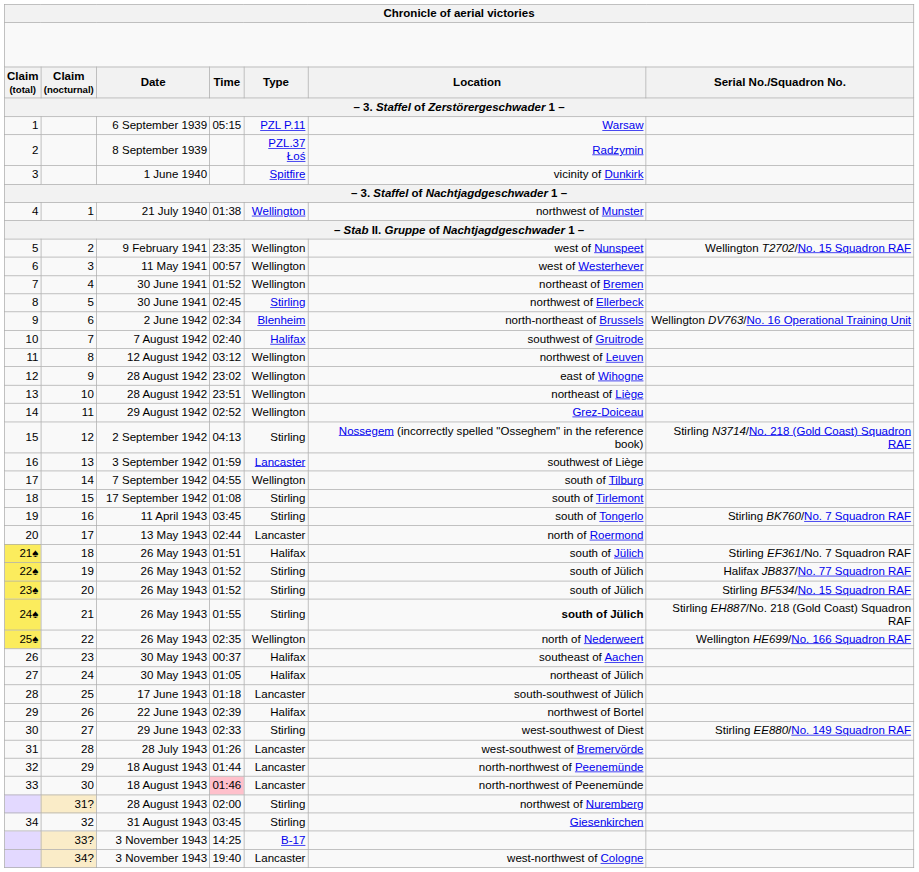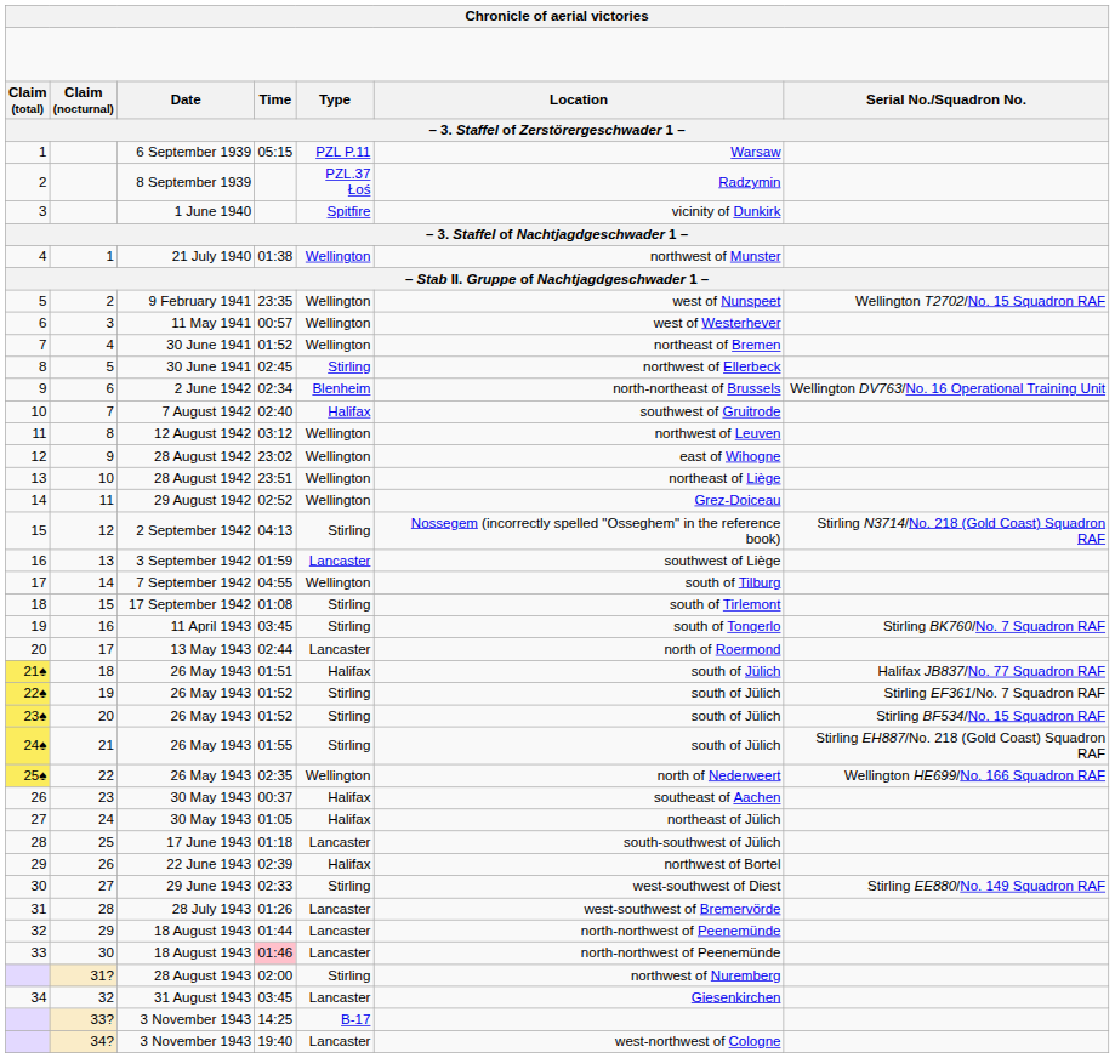 <table class="wikitable plainrowheaders collapsible" style="margin-left: auto; margin-right: auto; border: none; text-align:right; width: 100%;">
 <tr>
 <th colspan="7">Chronicle of aerial victories</th>
 </tr>
 <tr>
 <td colspan="7" style="text-align: left;"><br><br> <br> </td>
 </tr>
 <tr>
 <th scope="col">Claim<br><small>(total)</small></th>
 <th scope="col">Claim<br><small>(nocturnal)</small></th>
 <th scope="col" style="width:150px">Date</th>
 <th scope="col">Time</th>
 <th scope="col">Type</th>
 <th scope="col">Location</th>
 <th scope="col">Serial No./Squadron No.</th>
 </tr>
 <tr>
 <th colspan="7">– 3. <em>Staffel</em> of <em>Zerstörergeschwader</em> 1 –</th>
 </tr>
 <tr>
 <td>1</td>
 <td></td>
 <td>6 September 1939</td>
 <td>05:15</td>
 <td><a href='#'>PZL P.11</a></td>
 <td><a href='#'>Warsaw</a></td>
 <td></td>
 </tr>
 <tr>
 <td>2</td>
 <td></td>
 <td>8 September 1939</td>
 <td></td>
 <td><a href='#'>PZL.37 Łoś</a></td>
 <td><a href='#'>Radzymin</a></td>
 <td></td>
 </tr>
 <tr>
 <td>3</td>
 <td></td>
 <td>1 June 1940</td>
 <td></td>
 <td><a href='#'>Spitfire</a></td>
 <td>vicinity of <a href='#'>Dunkirk</a></td>
 <td></td>
 </tr>
 <tr>
 <th colspan="7">– 3. <em>Staffel</em> of <em>Nachtjagdgeschwader</em> 1 –</th>
 </tr>
 <tr>
 <td>4</td>
 <td>1</td>
 <td>21 July 1940</td>
 <td>01:38</td>
 <td><a href='#'>Wellington</a></td>
 <td> northwest of <a href='#'>Munster</a></td>
 <td></td>
 </tr>
 <tr>
 <th colspan="7">– <em>Stab</em> II. <em>Gruppe</em> of <em>Nachtjagdgeschwader</em> 1 –</th>
 </tr>
 <tr>
 <td>5</td>
 <td>2</td>
 <td>9 February 1941</td>
 <td>23:35</td>
 <td>Wellington</td>
 <td> west of <a href='#'>Nunspeet</a></td>
 <td>Wellington <em>T2702</em>/<a href='#'>No. 15 Squadron RAF</a></td>
 </tr>
 <tr>
 <td>6</td>
 <td>3</td>
 <td>11 May 1941</td>
 <td>00:57</td>
 <td>Wellington</td>
 <td> west of <a href='#'>Westerhever</a></td>
 <td></td>
 </tr>
 <tr>
 <td>7</td>
 <td>4</td>
 <td>30 June 1941</td>
 <td>01:52</td>
 <td>Wellington</td>
 <td> northeast of <a href='#'>Bremen</a></td>
 <td></td>
 </tr>
 <tr>
 <td>8</td>
 <td>5</td>
 <td>30 June 1941</td>
 <td>02:45</td>
 <td><a href='#'>Stirling</a></td>
 <td> northwest of <a href='#'>Ellerbeck</a></td>
 <td></td>
 </tr>
 <tr>
 <td>9</td>
 <td>6</td>
 <td>2 June 1942</td>
 <td>02:34</td>
 <td><a href='#'>Blenheim</a></td>
 <td>north-northeast of <a href='#'>Brussels</a></td>
 <td>Wellington <em>DV763</em>/<a href='#'>No. 16 Operational Training Unit</a></td>
 </tr>
 <tr>
 <td>10</td>
 <td>7</td>
 <td>7 August 1942</td>
 <td>02:40</td>
 <td><a href='#'>Halifax</a></td>
 <td> southwest of <a href='#'>Gruitrode</a></td>
 <td></td>
 </tr>
 <tr>
 <td>11</td>
 <td>8</td>
 <td>12 August 1942</td>
 <td>03:12</td>
 <td>Wellington</td>
 <td>northwest of <a href='#'>Leuven</a></td>
 <td></td>
 </tr>
 <tr>
 <td>12</td>
 <td>9</td>
 <td>28 August 1942</td>
 <td>23:02</td>
 <td>Wellington</td>
 <td>east of <a href='#'>Wihogne</a></td>
 <td></td>
 </tr>
 <tr>
 <td>13</td>
 <td>10</td>
 <td>28 August 1942</td>
 <td>23:51</td>
 <td>Wellington</td>
 <td>northeast of <a href='#'>Liège</a></td>
 <td></td>
 </tr>
 <tr>
 <td>14</td>
 <td>11</td>
 <td>29 August 1942</td>
 <td>02:52</td>
 <td>Wellington</td>
 <td><a href='#'>Grez-Doiceau</a></td>
 <td></td>
 </tr>
 <tr>
 <td>15</td>
 <td>12</td>
 <td>2 September 1942</td>
 <td>04:13</td>
 <td>Stirling</td>
 <td><a href='#'>Nossegem</a> (incorrectly spelled "Osseghem" in the reference book)</td>
 <td>Stirling <em>N3714</em>/<a href='#'>No. 218 (Gold Coast) Squadron RAF</a></td>
 </tr>
 <tr>
 <td>16</td>
 <td>13</td>
 <td>3 September 1942</td>
 <td>01:59</td>
 <td><a href='#'>Lancaster</a></td>
 <td> southwest of Liège</td>
 <td></td>
 </tr>
 <tr>
 <td>17</td>
 <td>14</td>
 <td>7 September 1942</td>
 <td>04:55</td>
 <td>Wellington</td>
 <td> south of <a href='#'>Tilburg</a></td>
 <td></td>
 </tr>
 <tr>
 <td>18</td>
 <td>15</td>
 <td>17 September 1942</td>
 <td>01:08</td>
 <td>Stirling</td>
 <td>south of <a href='#'>Tirlemont</a></td>
 <td></td>
 </tr>
 <tr>
 <td>19</td>
 <td>16</td>
 <td>11 April 1943</td>
 <td>03:45</td>
 <td>Stirling</td>
 <td> south of <a href='#'>Tongerlo</a></td>
 <td>Stirling <em>BK760</em>/<a href='#'>No. 7 Squadron RAF</a></td>
 </tr>
 <tr>
 <td>20</td>
 <td>17</td>
 <td>13 May 1943</td>
 <td>02:44</td>
 <td>Lancaster</td>
 <td> north of <a href='#'>Roermond</a></td>
 <td></td>
 </tr>
 <tr>
 <td style="background:#fbec5d;">21♠</td>
 <td>18</td>
 <td>26 May 1943</td>
 <td>01:51</td>
 <td>Halifax</td>
 <td> south of <a href='#'>Jülich</a></td>
-<td>Stirling <em>EF361</em>/No. 7 Squadron RAF</td>
+<td>Halifax <em>JB837</em>/<a href='#'>No. 77 Squadron RAF</a></td>
 </tr>
 <tr>
 <td style="background:#fbec5d;">22♠</td>
 <td>19</td>
 <td>26 May 1943</td>
 <td>01:52</td>
 <td>Stirling</td>
 <td> south of Jülich</td>
-<td>Halifax <em>JB837</em>/<a href='#'>No. 77 Squadron RAF</a></td>
+<td>Stirling <em>EF361</em>/No. 7 Squadron RAF</td>
 </tr>
 <tr>
 <td style="background:#fbec5d;">23♠</td>
 <td>20</td>
 <td>26 May 1943</td>
 <td>01:52</td>
 <td>Stirling</td>
 <td> south of Jülich</td>
 <td>Stirling <em>BF534</em>/<a href='#'>No. 15 Squadron RAF</a></td>
 </tr>
 <tr>
 <td style="background:#fbec5d;">24♠</td>
 <td>21</td>
 <td>26 May 1943</td>
 <td>01:55</td>
 <td>Stirling</td>
-<td><strong> south of Jülich</strong></td>
+<td> south of Jülich</td>
 <td>Stirling <em>EH887</em>/No. 218 (Gold Coast) Squadron RAF</td>
 </tr>
 <tr>
 <td style="background:#fbec5d;">25♠</td>
 <td>22</td>
 <td>26 May 1943</td>
 <td>02:35</td>
 <td>Wellington</td>
 <td> north of <a href='#'>Nederweert</a></td>
 <td>Wellington <em>HE699</em>/<a href='#'>No. 166 Squadron RAF</a></td>
 </tr>
 <tr>
 <td>26</td>
 <td>23</td>
 <td>30 May 1943</td>
 <td>00:37</td>
 <td>Halifax</td>
 <td> southeast of <a href='#'>Aachen</a></td>
 <td></td>
 </tr>
 <tr>
 <td>27</td>
 <td>24</td>
 <td>30 May 1943</td>
 <td>01:05</td>
 <td>Halifax</td>
 <td> northeast of Jülich</td>
 <td></td>
 </tr>
 <tr>
 <td>28</td>
 <td>25</td>
 <td>17 June 1943</td>
 <td>01:18</td>
 <td>Lancaster</td>
 <td>south-southwest of Jülich</td>
 <td></td>
 </tr>
 <tr>
 <td>29</td>
 <td>26</td>
 <td>22 June 1943</td>
 <td>02:39</td>
 <td>Halifax</td>
 <td> northwest of Bortel</td>
 <td></td>
 </tr>
 <tr>
 <td>30</td>
 <td>27</td>
 <td>29 June 1943</td>
 <td>02:33</td>
 <td>Stirling</td>
 <td> west-southwest of Diest</td>
 <td>Stirling <em>EE880</em>/<a href='#'>No. 149 Squadron RAF</a></td>
 </tr>
 <tr>
 <td>31</td>
 <td>28</td>
 <td>28 July 1943</td>
 <td>01:26</td>
 <td>Lancaster</td>
 <td>west-southwest of <a href='#'>Bremervörde</a></td>
 <td></td>
 </tr>
 <tr>
 <td>32</td>
 <td>29</td>
 <td>18 August 1943</td>
 <td>01:44</td>
 <td>Lancaster</td>
 <td>north-northwest of <a href='#'>Peenemünde</a></td>
 <td></td>
 </tr>
 <tr>
 <td>33</td>
 <td>30</td>
 <td>18 August 1943</td>
 <td style="background: pink;">01:46</td>
 <td>Lancaster</td>
 <td>north-northwest of Peenemünde</td>
 <td></td>
 </tr>
 <tr>
 <td style="background:#e3d9ff;"></td>
 <td style="background:#faecc8">31?</td>
 <td>28 August 1943</td>
 <td>02:00</td>
 <td>Stirling</td>
 <td>northwest of <a href='#'>Nuremberg</a></td>
 <td></td>
 </tr>
 <tr>
 <td>34</td>
 <td>32</td>
 <td>31 August 1943</td>
 <td>03:45</td>
-<td>Stirling</td>
+<td>Lancaster</td>
 <td><a href='#'>Giesenkirchen</a></td>
 <td></td>
 </tr>
 <tr>
 <td style="background:#e3d9ff;"></td>
 <td style="background:#faecc8">33?</td>
 <td>3 November 1943</td>
 <td>14:25</td>
 <td><a href='#'>B-17</a></td>
 <td></td>
 <td></td>
 </tr>
 <tr>
 <td style="background:#e3d9ff;"></td>
 <td style="background:#faecc8">34?</td>
 <td>3 November 1943</td>
 <td>19:40</td>
 <td>Lancaster</td>
 <td> west-northwest of <a href='#'>Cologne</a></td>
 <td></td>
 </tr>
 </table>
